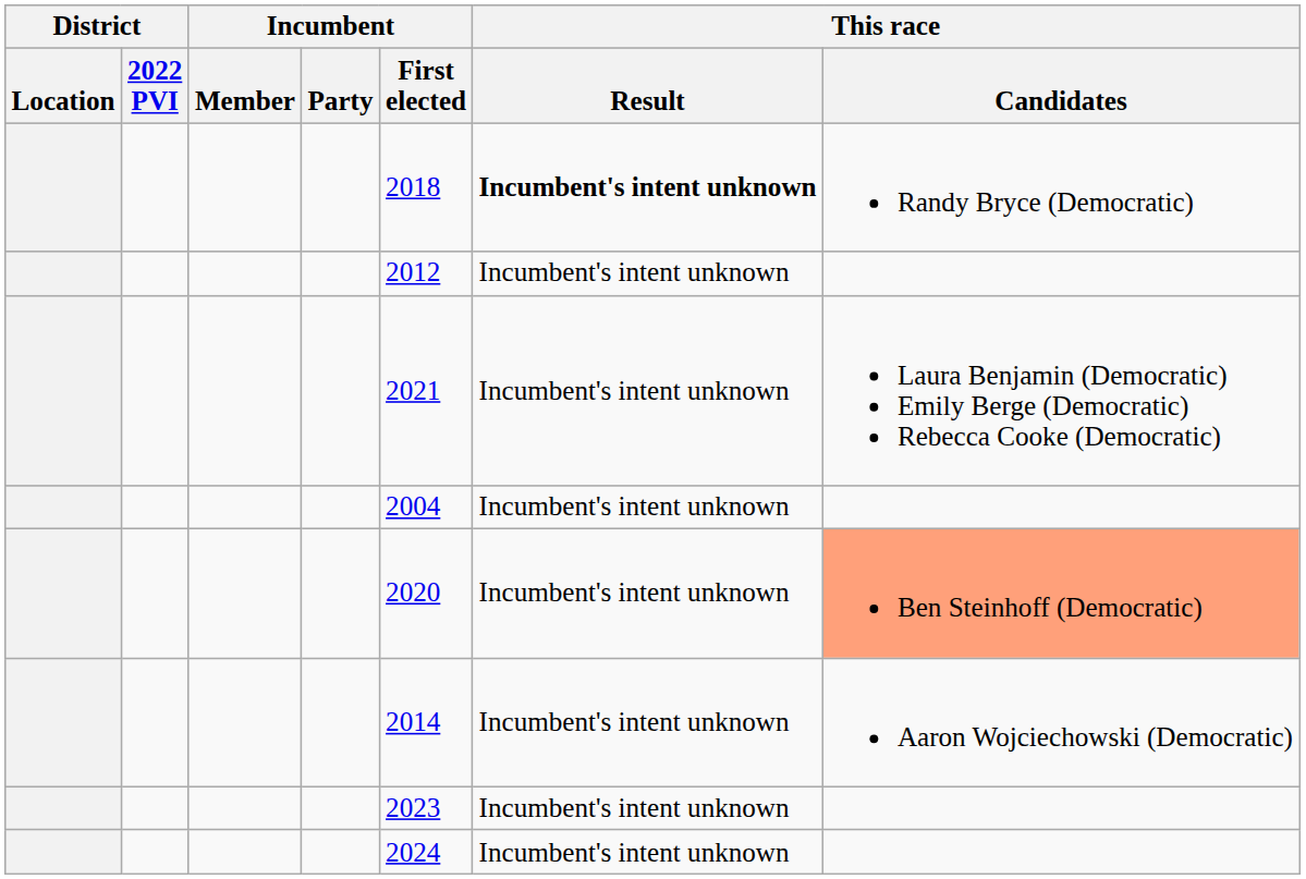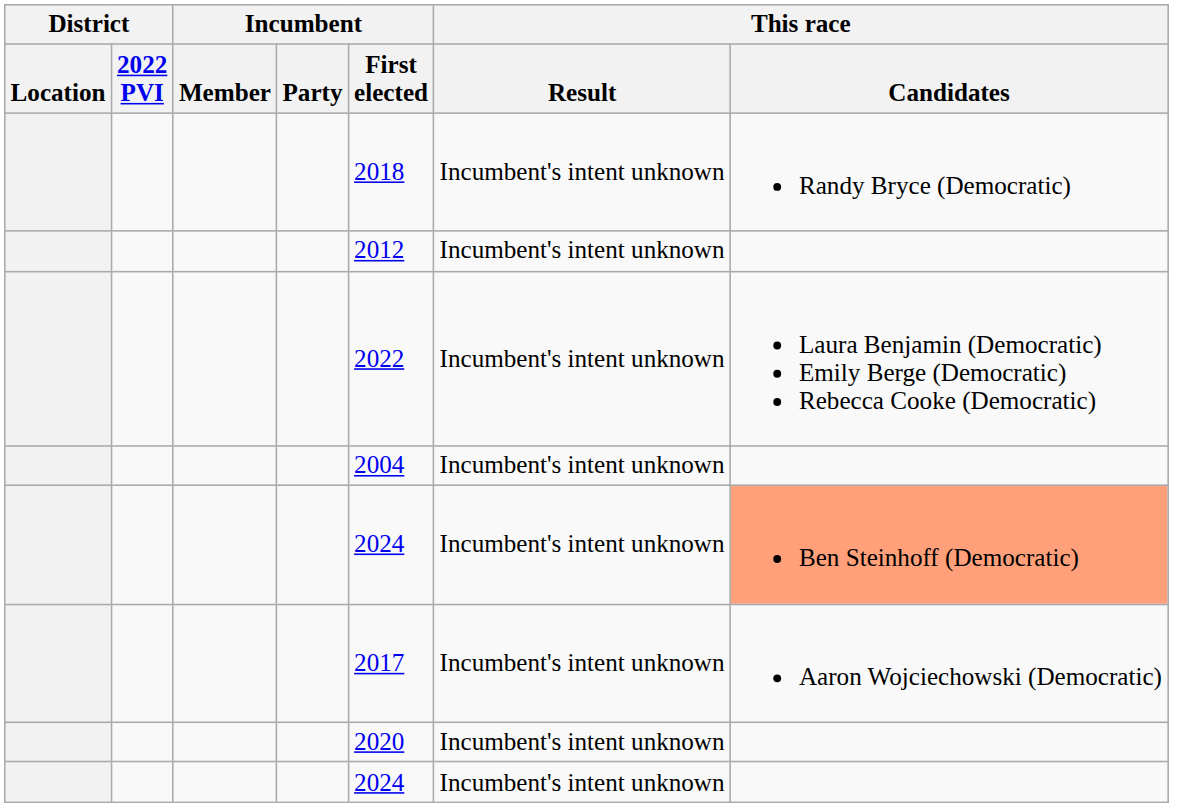 <table class="wikitable sortable">
 <tr>
 <th colspan="2">District</th>
 <th colspan="3">Incumbent</th>
 <th colspan="2">This race</th>
 </tr>
 <tr valign="bottom">
 <th>Location</th>
 <th><a href='#'>2022</a><br><a href='#'>PVI</a></th>
 <th>Member</th>
 <th>Party</th>
 <th>First<br>elected</th>
 <th>Result</th>
 <th>Candidates</th>
 </tr>
 <tr>
 <th></th>
 <td></td>
 <td></td>
 <td></td>
 <td><a href='#'>2018</a></td>
-<td><strong>Incumbent's intent unknown</strong></td>
+<td>Incumbent's intent unknown</td>
 <td nowrap=""><br><ul><li>Randy Bryce (Democratic)</li></ul></td>
 </tr>
 <tr>
 <th></th>
 <td></td>
 <td></td>
 <td></td>
 <td><a href='#'>2012</a></td>
 <td>Incumbent's intent unknown</td>
 <td nowrap=""><br></td>
 </tr>
 <tr>
 <th></th>
 <td></td>
 <td></td>
 <td></td>
-<td><a href='#'>2021</a></td>
+<td><a href='#'>2022</a></td>
 <td>Incumbent's intent unknown</td>
 <td nowrap=""><br><ul><li>Laura Benjamin (Democratic)</li><li>Emily Berge (Democratic)</li><li>Rebecca Cooke (Democratic)</li></ul></td>
 </tr>
 <tr>
 <th></th>
 <td></td>
 <td></td>
 <td></td>
 <td><a href='#'>2004</a></td>
 <td>Incumbent's intent unknown</td>
 <td nowrap=""><br></td>
 </tr>
 <tr>
 <th></th>
 <td></td>
 <td></td>
 <td></td>
-<td><a href='#'>2020</a></td>
+<td><a href='#'>2024</a></td>
 <td>Incumbent's intent unknown</td>
 <td nowrap="" style="background: lightsalmon;"><br><ul><li>Ben Steinhoff (Democratic)</li></ul></td>
 </tr>
 <tr>
 <th></th>
 <td></td>
 <td></td>
 <td></td>
-<td><a href='#'>2014</a></td>
+<td><a href='#'>2017</a></td>
 <td>Incumbent's intent unknown</td>
 <td nowrap=""><br><ul><li>Aaron Wojciechowski (Democratic)</li></ul></td>
 </tr>
 <tr>
 <th></th>
 <td></td>
 <td></td>
 <td></td>
-<td><a href='#'>2023 </a></td>
+<td><a href='#'>2020 </a></td>
 <td>Incumbent's intent unknown</td>
 <td nowrap=""><br></td>
 </tr>
 <tr>
 <th></th>
 <td></td>
 <td></td>
 <td></td>
 <td><a href='#'>2024 </a></td>
 <td>Incumbent's intent unknown</td>
 <td nowrap=""><br></td>
 </tr>
 </table>
